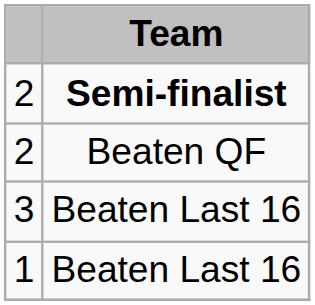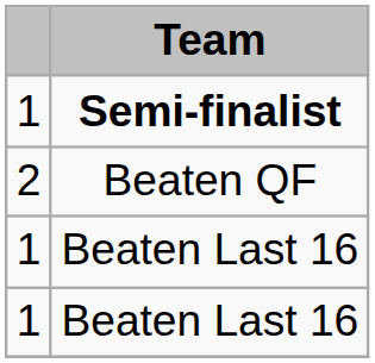 <table class="wikitable">
 <tr>
 <th style="background:silver;"></th>
 <th style="background:silver;"><strong>Team</strong></th>
 </tr>
 <tr>
-<td align=center>2</td>
+<td align=center>1</td>
 <td align=center><strong>Semi-finalist</strong></td>
 </tr>
 <tr>
 <td align=center>2</td>
 <td align=center>Beaten QF</td>
 </tr>
 <tr>
-<td align=center>3</td>
+<td align=center>1</td>
 <td align=center>Beaten Last 16</td>
 </tr>
 <tr>
 <td align=center>1</td>
 <td align=center>Beaten Last 16</td>
 </tr>
 <tr>
 </tr>
 </table>
